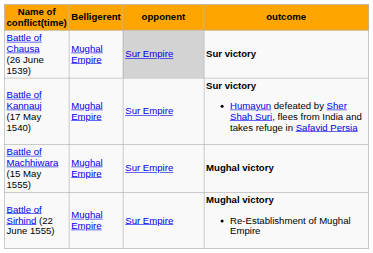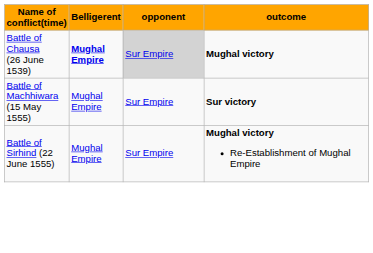 <table class="wikitable">
 <tr>
 <th style="background:orange;"><span>Name of conflict(time)</span></th>
 <th style="background:orange;widh:150px;"><span>Belligerent</span></th>
 <th style="background:orange;width:150px;"><span> opponent</span></th>
 <th style="background:orange;width:320px;"><span> outcome</span></th>
 </tr>
 <tr>
 <td><a href='#'>Battle of Chausa</a><br>(26 June 1539)</td>
-<td><a href='#'>Mughal Empire</a></td>
+<td><strong><a href='#'>Mughal Empire</a></strong></td>
 <td style="background: lightgrey;"><a href='#'>Sur Empire</a></td>
-<td><strong>Sur victory</strong></td>
-</tr>
-<tr>
-<td><a href='#'>Battle of Kannauj</a><br>(17 May 1540)</td>
-<td><a href='#'>Mughal Empire</a></td>
-<td><a href='#'>Sur Empire</a></td>
-<td><strong>Sur victory</strong><br><ul><li><a href='#'>Humayun</a> defeated by <a href='#'>Sher Shah Suri</a>, flees from India and takes refuge in <a href='#'>Safavid Persia</a></li></ul></td>
+<td><strong>Mughal victory</strong></td>
 </tr>
 <tr>
 <td><a href='#'>Battle of Machhiwara</a><br>(15 May 1555)</td>
 <td><a href='#'>Mughal Empire</a></td>
 <td><a href='#'>Sur Empire</a></td>
-<td><strong>Mughal victory</strong></td>
+<td><strong>Sur victory</strong></td>
 </tr>
 <tr>
 <td><a href='#'>Battle of Sirhind</a> (22 June 1555)</td>
 <td><a href='#'>Mughal Empire</a></td>
 <td><a href='#'>Sur Empire</a></td>
 <td><strong>Mughal victory</strong><br><ul><li>Re-Establishment of Mughal Empire</li></ul></td>
 </tr>
 </table>
